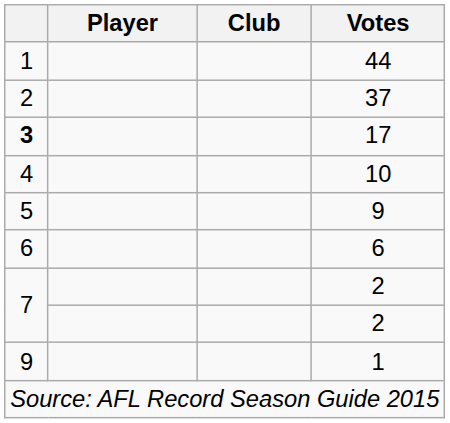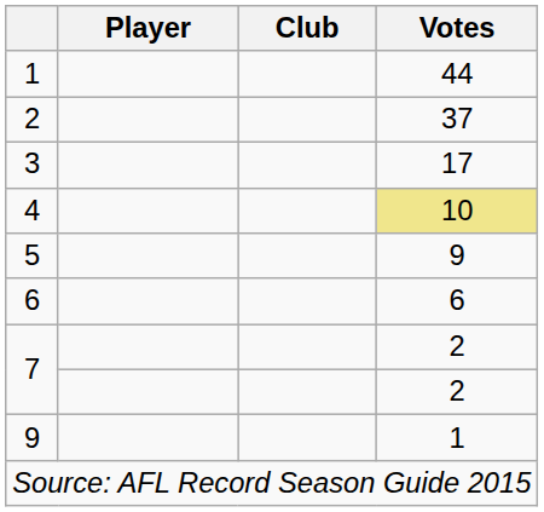 <table class="wikitable sortable" style="text-align:center">
 <tr>
 <th></th>
 <th>Player</th>
 <th>Club</th>
 <th>Votes</th>
 </tr>
 <tr>
 <td>1</td>
 <td></td>
 <td></td>
 <td>44</td>
 </tr>
 <tr>
 <td>2</td>
 <td></td>
 <td></td>
 <td>37</td>
 </tr>
 <tr>
-<td><strong>3</strong></td>
+<td>3</td>
 <td></td>
 <td></td>
 <td>17</td>
 </tr>
 <tr>
 <td>4</td>
 <td></td>
 <td></td>
-<td>10</td>
+<td style="background: khaki;">10</td>
 </tr>
 <tr>
 <td>5</td>
 <td></td>
 <td></td>
 <td>9</td>
 </tr>
 <tr>
 <td>6</td>
 <td></td>
 <td></td>
 <td>6</td>
 </tr>
 <tr>
 <td rowspan=2>7</td>
 <td></td>
 <td></td>
 <td>2</td>
 </tr>
 <tr>
 <td></td>
 <td></td>
 <td>2</td>
 </tr>
 <tr>
 <td>9</td>
 <td></td>
 <td></td>
 <td>1</td>
 </tr>
 <tr class="sortbottom">
 <td colspan=4><em>Source: AFL Record Season Guide 2015</em></td>
 </tr>
 </table>
